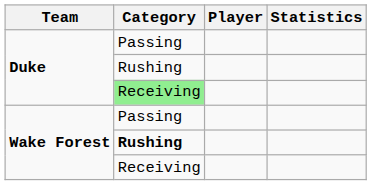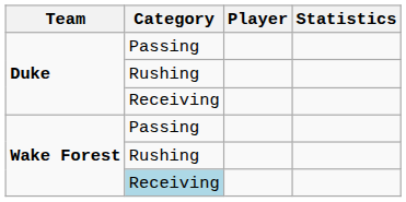 <table class="wikitable" style="float: right;">
 <tr>
 <th>Team</th>
 <th>Category</th>
 <th>Player</th>
 <th>Statistics</th>
 </tr>
 <tr>
 <td rowspan=3><strong>Duke</strong></td>
 <td>Passing</td>
 <td></td>
 <td></td>
 </tr>
 <tr>
 <td>Rushing</td>
 <td></td>
 <td></td>
 </tr>
 <tr>
-<td style="background: lightgreen;">Receiving</td>
+<td>Receiving</td>
 <td></td>
 <td></td>
 </tr>
 <tr>
 <td rowspan=3><strong>Wake Forest</strong></td>
 <td>Passing</td>
 <td></td>
 <td></td>
 </tr>
 <tr>
-<td><strong>Rushing</strong></td>
+<td>Rushing</td>
 <td></td>
 <td></td>
 </tr>
 <tr>
-<td>Receiving</td>
+<td style="background: lightblue;">Receiving</td>
 <td></td>
 <td></td>
 </tr>
 </table>
